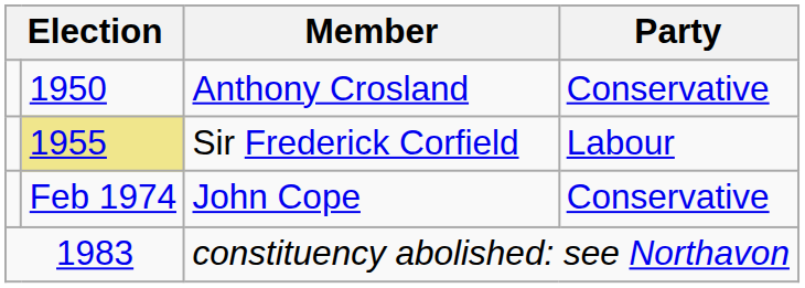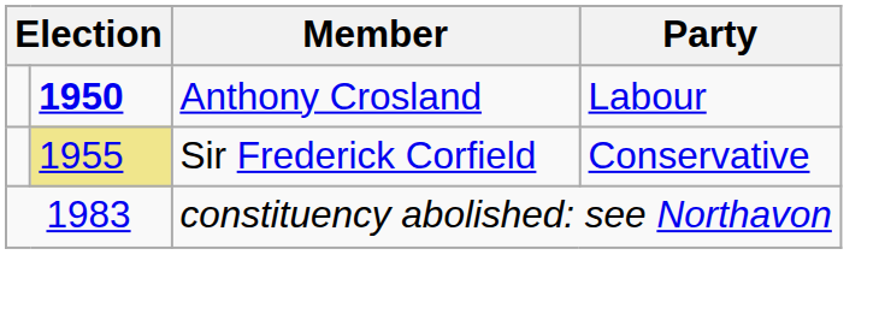 <table class="wikitable">
 <tr>
 <th colspan="2">Election</th>
 <th>Member</th>
 <th>Party</th>
 </tr>
 <tr>
 <td style="color:inherit;background-color: "></td>
-<td><a href='#'>1950</a></td>
+<td><strong><a href='#'>1950</a></strong></td>
 <td><a href='#'>Anthony Crosland</a></td>
-<td><a href='#'>Conservative</a></td>
+<td><a href='#'>Labour</a></td>
 </tr>
 <tr>
 <td style="color:inherit;background-color: "></td>
 <td style="background: khaki;"><a href='#'>1955</a></td>
 <td>Sir <a href='#'>Frederick Corfield</a></td>
-<td><a href='#'>Labour</a></td>
-</tr>
-<tr>
-<td style="color:inherit;background-color: "></td>
-<td><a href='#'>Feb 1974</a></td>
-<td><a href='#'>John Cope</a></td>
 <td><a href='#'>Conservative</a></td>
 </tr>
 <tr>
 <td colspan="2" align="center"><a href='#'>1983</a></td>
 <td colspan="2"><em>constituency abolished: see <a href='#'>Northavon</a></em></td>
 </tr>
 </table>
